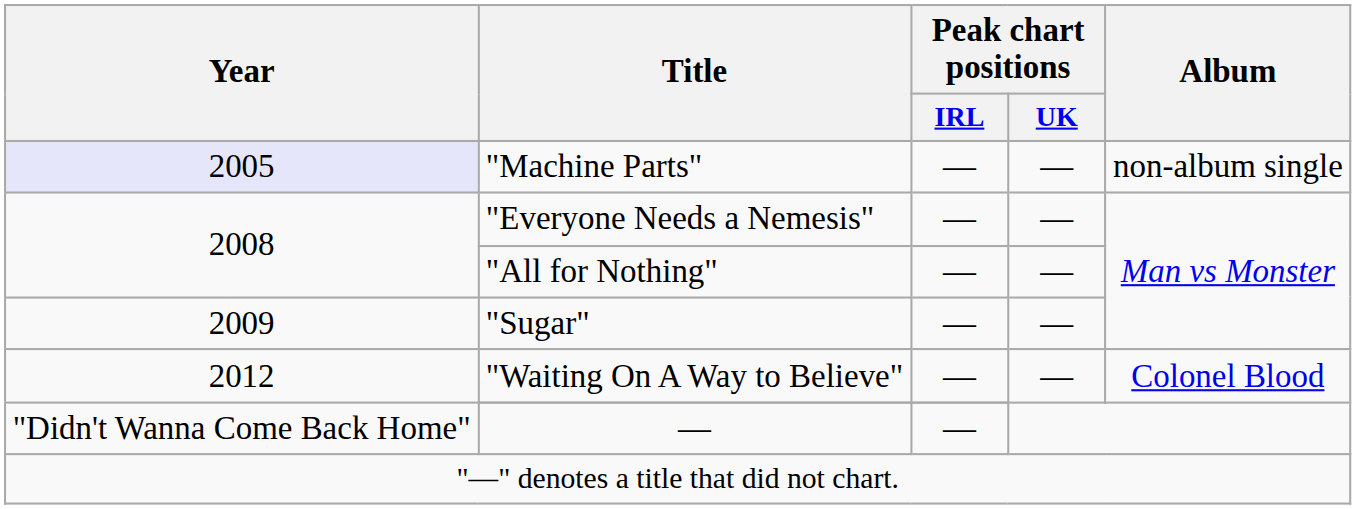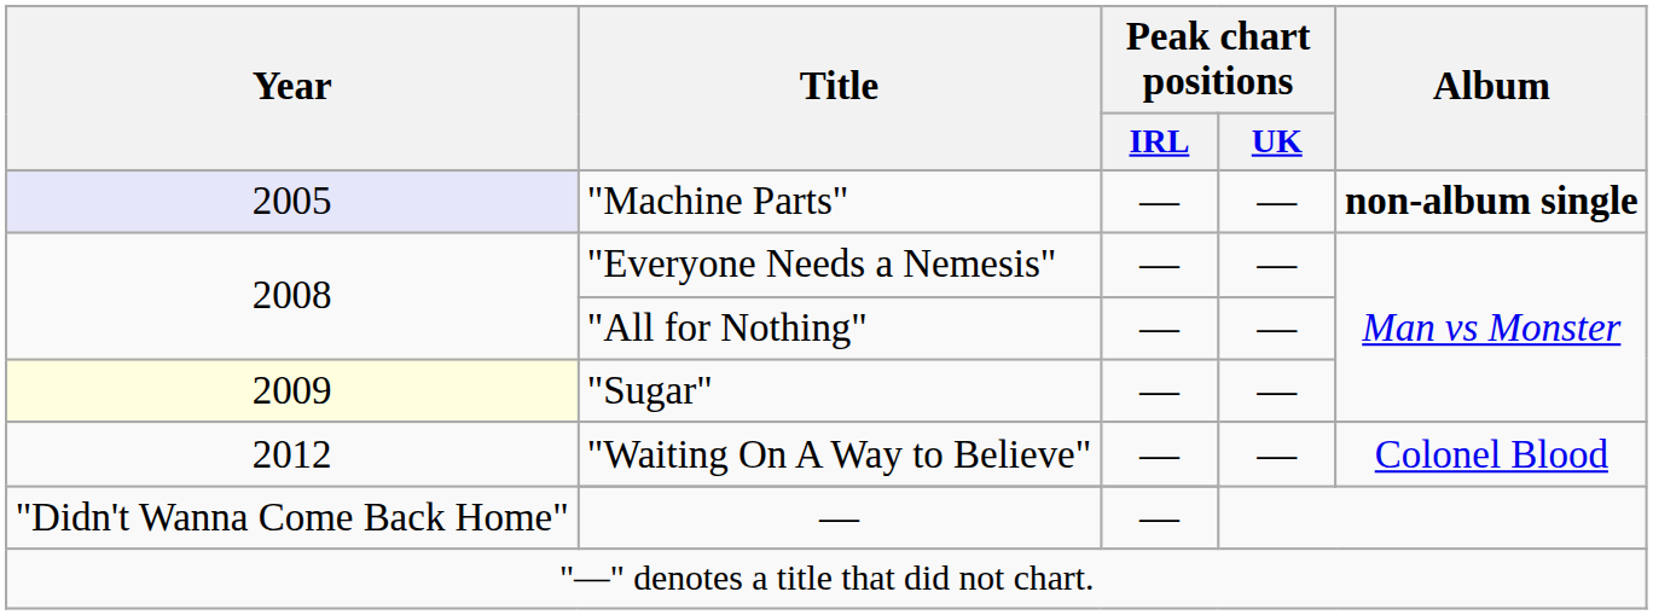 <table class="wikitable" style="text-align:center;">
 <tr>
 <th rowspan=2>Year</th>
 <th rowspan=2>Title</th>
 <th colspan="2">Peak chart positions</th>
 <th rowspan="2">Album</th>
 </tr>
 <tr>
 <th style="width:3em;font-size:85%"><a href='#'>IRL</a></th>
 <th style="width:3em;font-size:85%"><a href='#'>UK</a></th>
 </tr>
 <tr>
 <td style="background: lavender;">2005</td>
 <td style="text-align:left;">"Machine Parts"</td>
 <td>—</td>
 <td>—</td>
-<td>non-album single</td>
+<td><strong>non-album single</strong></td>
 </tr>
 <tr>
 <td rowspan="2">2008</td>
 <td style="text-align:left;">"Everyone Needs a Nemesis"</td>
 <td>—</td>
 <td>—</td>
 <td rowspan="3"><em><a href='#'>Man vs Monster</a></em></td>
 </tr>
 <tr>
 <td style="text-align:left;">"All for Nothing"</td>
 <td>—</td>
 <td>—</td>
 </tr>
 <tr>
-<td>2009</td>
+<td style="background: lightyellow;">2009</td>
 <td style="text-align:left;">"Sugar"</td>
 <td>—</td>
 <td>—</td>
 </tr>
 <tr>
 <td rowspan="2">2012</td>
 <td style="text-align:left;">"Waiting On A Way to Believe"</td>
 <td>—</td>
 <td>—</td>
 <td rowspan="2"><a href='#'>Colonel Blood</a></td>
 </tr>
 <tr>
 </tr>
 <tr>
 <td style="text-align:left;">"Didn't Wanna Come Back Home"</td>
 <td>—</td>
 <td>—</td>
 </tr>
 <tr>
 <td colspan="5" style="font-size:90%">"—" denotes a title that did not chart.</td>
 </tr>
 </table>
